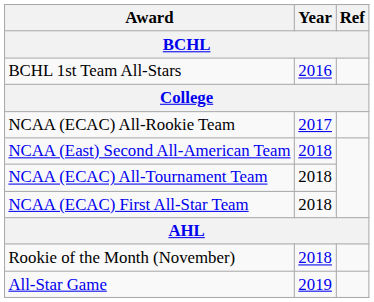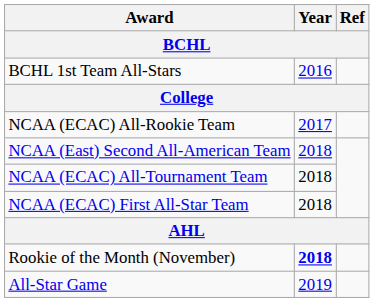 <table class="wikitable">
 <tr>
 <th>Award</th>
 <th>Year</th>
 <th>Ref</th>
 </tr>
 <tr>
 <th colspan="3"><a href='#'>BCHL</a></th>
 </tr>
 <tr>
 <td>BCHL 1st Team All-Stars</td>
 <td><a href='#'>2016</a></td>
 <td></td>
 </tr>
 <tr>
 <th colspan="3"><a href='#'>College</a></th>
 </tr>
 <tr>
 <td>NCAA (ECAC) All-Rookie Team</td>
 <td><a href='#'>2017</a></td>
 <td></td>
 </tr>
 <tr>
 <td><a href='#'>NCAA (East) Second All-American Team</a></td>
 <td><a href='#'>2018</a></td>
 <td rowspan="3"></td>
 </tr>
 <tr>
 <td><a href='#'>NCAA (ECAC) All-Tournament Team</a></td>
 <td>2018</td>
 </tr>
 <tr>
 <td><a href='#'>NCAA (ECAC) First All-Star Team</a></td>
 <td>2018</td>
 </tr>
 <tr>
 <th colspan="3"><a href='#'>AHL</a></th>
 </tr>
 <tr>
 <td>Rookie of the Month (November)</td>
-<td><a href='#'>2018</a></td>
+<td><strong><a href='#'>2018</a></strong></td>
 <td></td>
 </tr>
 <tr>
 <td><a href='#'>All-Star Game</a></td>
 <td><a href='#'>2019</a></td>
 <td></td>
 </tr>
 </table>
